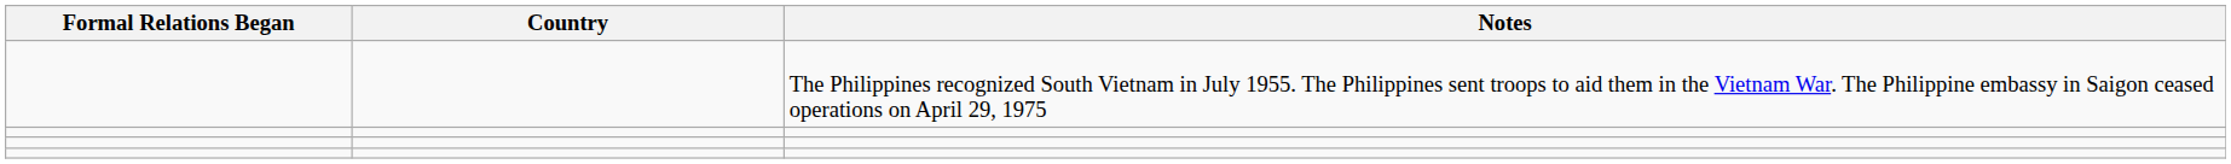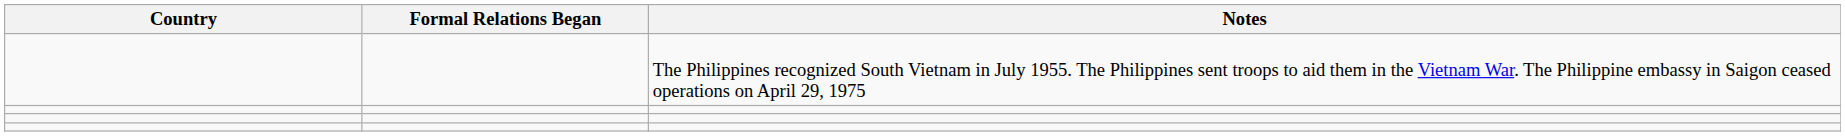 <table class="wikitable sortable" style="width:100%; margin:auto;">
 <tr>
+<th style="width:15%;">Country</th>
 <th style="width:12%;">Formal Relations Began</th>
-<th style="width:15%;">Country</th>
 <th class="unsortable" style="width:50%;">Notes</th>
 </tr>
 <tr valign="top">
 <td></td>
 <td></td>
 <td><br>The Philippines recognized South Vietnam in July 1955. The Philippines sent troops to aid them in the <a href='#'>Vietnam War</a>. The Philippine embassy in Saigon ceased operations on April 29, 1975</td>
 </tr>
 <tr valign="top">
 <td></td>
 <td></td>
 <td></td>
 </tr>
 <tr valign="top">
 <td></td>
 <td></td>
 <td></td>
 </tr>
 <tr valign="top">
 <td></td>
 <td></td>
 <td></td>
 </tr>
 </table>
